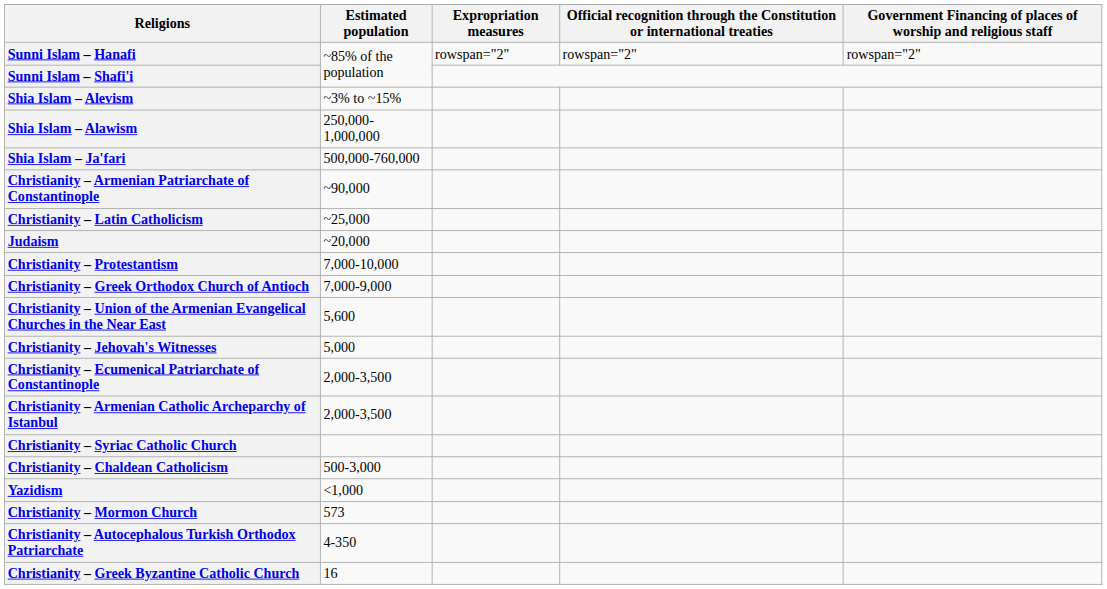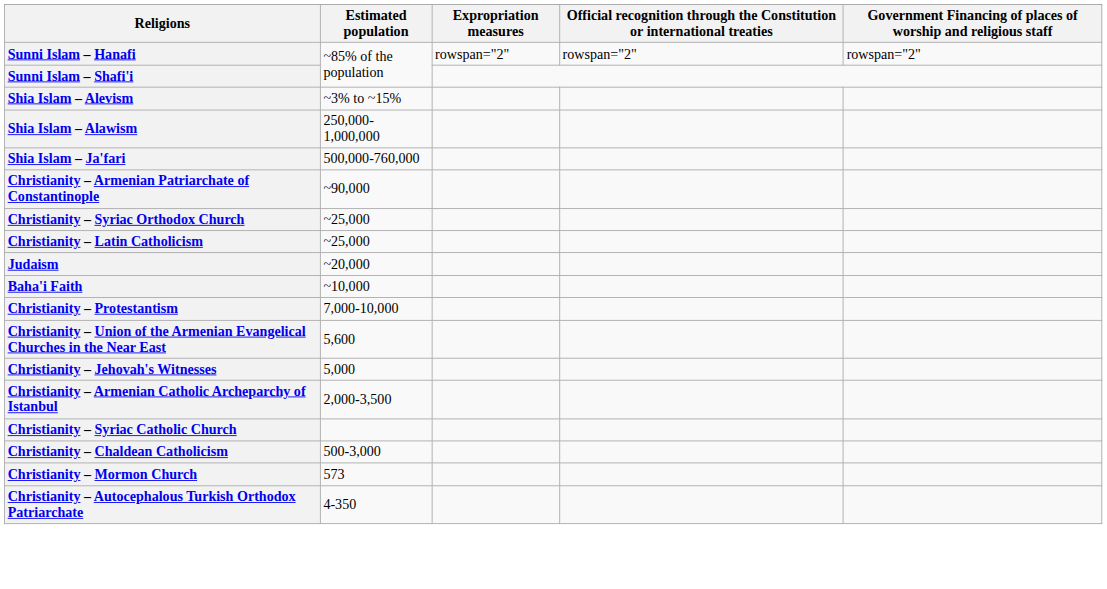 <table class="wikitable">
 <tr>
 </tr>
 <tr>
 <th>Religions</th>
 <th>Estimated population</th>
 <th>Expropriation measures</th>
 <th>Official recognition through the Constitution or international treaties</th>
 <th>Government Financing of places of worship and religious staff</th>
 </tr>
 <tr>
 <th scope="row" style="text-align:left;"><a href='#'>Sunni Islam</a> – <a href='#'>Hanafi</a></th>
 <td rowspan="2">~85% of the population</td>
 <td>rowspan="2" </td>
 <td>rowspan="2" </td>
 <td>rowspan="2" </td>
 </tr>
 <tr>
 <th scope="row" style="text-align:left;"><a href='#'>Sunni Islam</a> – <a href='#'>Shafi'i</a></th>
 </tr>
 <tr>
 <th scope="row" style="text-align:left;"><a href='#'>Shia Islam</a> – <a href='#'>Alevism</a></th>
 <td>~3% to ~15%</td>
 <td></td>
 <td></td>
 <td></td>
 </tr>
 <tr>
 <th scope="row" style="text-align:left;"><a href='#'>Shia Islam</a> – <a href='#'>Alawism</a></th>
 <td>250,000-1,000,000</td>
 <td></td>
 <td></td>
 <td></td>
 </tr>
 <tr>
 <th scope="row" style="text-align:left;"><a href='#'>Shia Islam</a> – <a href='#'>Ja'fari</a></th>
 <td>500,000-760,000</td>
 <td></td>
 <td></td>
 <td></td>
 </tr>
 <tr>
 <th scope="row" style="text-align:left;"><a href='#'>Christianity</a> – <a href='#'>Armenian Patriarchate of Constantinople</a></th>
 <td>~90,000</td>
 <td></td>
 <td></td>
 <td></td>
 </tr>
 <tr>
+<th scope="row" style="text-align:left;"><a href='#'>Christianity</a> – <a href='#'>Syriac Orthodox Church</a></th>
+<td>~25,000</td>
+<td></td>
+<td></td>
+<td></td>
+</tr>
+<tr>
 <th scope="row" style="text-align:left;"><a href='#'>Christianity</a> – <a href='#'>Latin Catholicism</a></th>
 <td>~25,000</td>
 <td></td>
 <td></td>
 <td></td>
 </tr>
 <tr>
 <th scope="row" style="text-align:left;"><a href='#'>Judaism</a></th>
 <td>~20,000</td>
 <td></td>
 <td></td>
 <td></td>
 </tr>
 <tr>
-<th scope="row" style="text-align:left;"><a href='#'>Christianity</a> – <a href='#'>Protestantism</a></th>
-<td>7,000-10,000</td>
+<th scope="row" style="text-align:left;"><a href='#'>Baha'i Faith</a></th>
+<td>~10,000</td>
 <td></td>
 <td></td>
 <td></td>
 </tr>
 <tr>
-<th scope="row" style="text-align:left;"><a href='#'>Christianity</a> – <a href='#'>Greek Orthodox Church of Antioch</a></th>
-<td>7,000-9,000</td>
+<th scope="row" style="text-align:left;"><a href='#'>Christianity</a> – <a href='#'>Protestantism</a></th>
+<td>7,000-10,000</td>
 <td></td>
 <td></td>
 <td></td>
 </tr>
 <tr>
 <th scope="row" style="text-align:left;"><a href='#'>Christianity</a> – <a href='#'>Union of the Armenian Evangelical Churches in the Near East</a></th>
 <td>5,600</td>
 <td></td>
 <td></td>
 <td></td>
 </tr>
 <tr>
 <th scope="row" style="text-align:left;"><a href='#'>Christianity</a> – <a href='#'>Jehovah's Witnesses</a></th>
 <td>5,000</td>
-<td></td>
-<td></td>
-<td></td>
-</tr>
-<tr>
-<th scope="row" style="text-align:left;"><a href='#'>Christianity</a> – <a href='#'>Ecumenical Patriarchate of Constantinople</a></th>
-<td>2,000-3,500</td>
 <td></td>
 <td></td>
 <td></td>
 </tr>
 <tr>
 <th scope="row" style="text-align:left;"><a href='#'>Christianity</a> – <a href='#'>Armenian Catholic Archeparchy of Istanbul</a></th>
 <td>2,000-3,500</td>
 <td></td>
 <td></td>
 <td></td>
 </tr>
 <tr>
 <th scope="row" style="text-align:left;"><a href='#'>Christianity</a> – <a href='#'>Syriac Catholic Church</a></th>
 <td></td>
 <td></td>
 <td></td>
 <td></td>
 </tr>
 <tr>
 <th scope="row" style="text-align:left;"><a href='#'>Christianity</a> – <a href='#'>Chaldean Catholicism</a></th>
 <td>500-3,000</td>
 <td></td>
 <td></td>
 <td></td>
 </tr>
 <tr>
-<th scope="row" style="text-align:left;"><a href='#'>Yazidism</a></th>
-<td><1,000</td>
-<td></td>
-<td></td>
-<td></td>
-</tr>
-<tr>
 <th scope="row" style="text-align:left;"><a href='#'>Christianity</a> – <a href='#'>Mormon Church</a></th>
 <td>573</td>
 <td></td>
 <td></td>
 <td></td>
 </tr>
 <tr>
 <th scope="row" style="text-align:left;"><a href='#'>Christianity</a> – <a href='#'>Autocephalous Turkish Orthodox Patriarchate</a></th>
 <td>4-350</td>
 <td></td>
 <td></td>
 <td></td>
 </tr>
-<tr>
-<th scope="row" style="text-align:left;"><a href='#'>Christianity</a> – <a href='#'>Greek Byzantine Catholic Church</a></th>
-<td>16</td>
-<td></td>
-<td></td>
-<td></td>
-</tr>
 </table>
